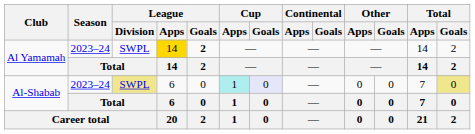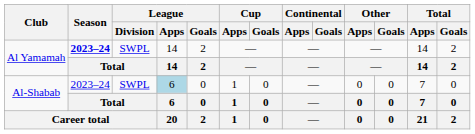 <table class="wikitable" style="text-align: center;">
 <tr>
 <th rowspan="2">Club</th>
 <th rowspan="2">Season</th>
 <th colspan="3">League</th>
 <th colspan="2">Cup</th>
 <th colspan="2">Continental</th>
 <th colspan="2">Other</th>
 <th colspan="2">Total</th>
 </tr>
 <tr>
 <th>Division</th>
 <th>Apps</th>
 <th>Goals</th>
 <th>Apps</th>
 <th>Goals</th>
 <th>Apps</th>
 <th>Goals</th>
 <th>Apps</th>
 <th>Goals</th>
 <th>Apps</th>
 <th>Goals</th>
 </tr>
 <tr>
 <td rowspan="2"><a href='#'>Al Yamamah</a></td>
-<td><a href='#'>2023–24</a></td>
+<td><strong><a href='#'>2023–24</a></strong></td>
 <td rowspan="1"><a href='#'>SWPL</a></td>
-<td style="background: gold;">14</td>
-<td><strong>2</strong></td>
+<td>14</td>
+<td>2</td>
 <td colspan="2">—</td>
 <td colspan="2">—</td>
 <td colspan="2">—</td>
 <td>14</td>
 <td>2</td>
 </tr>
 <tr>
 <th colspan="2">Total</th>
 <th>14</th>
 <th>2</th>
 <th colspan="2">—</th>
 <th colspan="2">—</th>
 <th colspan="2">—</th>
 <th>14</th>
 <th>2</th>
 </tr>
 <tr>
 <td rowspan="2"><a href='#'>Al-Shabab</a></td>
 <td><a href='#'>2023–24</a></td>
-<td rowspan="1" style="background: khaki;"><a href='#'>SWPL</a></td>
-<td>6</td>
+<td rowspan="1"><a href='#'>SWPL</a></td>
+<td style="background: lightblue;">6</td>
 <td>0</td>
-<td style="background: paleturquoise;">1</td>
-<td style="background: lavender;">0</td>
+<td>1</td>
+<td>0</td>
 <td colspan="2">—</td>
 <td>0</td>
 <td>0</td>
 <td>7</td>
-<td style="background: khaki;">0</td>
+<td>0</td>
 </tr>
 <tr>
 <th colspan="2">Total</th>
 <th>6</th>
 <th>0</th>
 <th>1</th>
 <th>0</th>
 <th colspan="2">—</th>
 <th>0</th>
 <th>0</th>
 <th>7</th>
 <th>0</th>
 </tr>
 <tr>
 <th colspan="3">Career total</th>
 <th>20</th>
 <th>2</th>
 <th>1</th>
 <th>0</th>
 <th colspan="2">—</th>
 <th>0</th>
 <th>0</th>
 <th>21</th>
 <th>2</th>
 </tr>
 </table>
